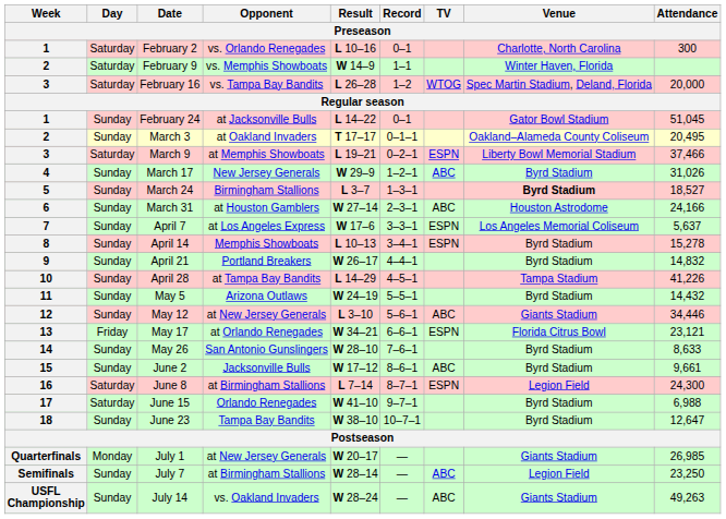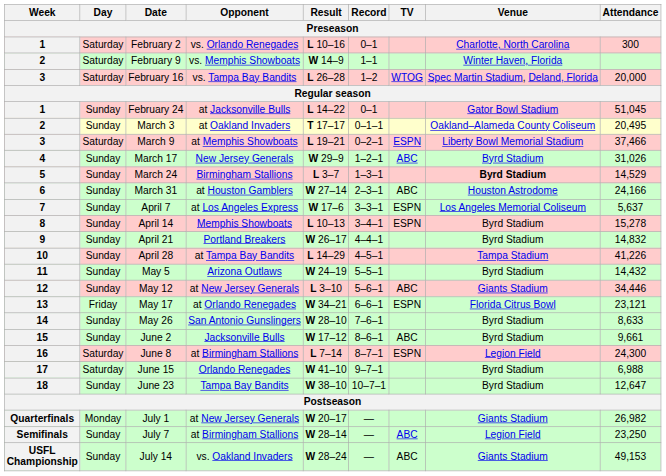 <table class="wikitable" style="text-align:center">
 <tr>
 <th>Week</th>
 <th>Day</th>
 <th>Date</th>
 <th>Opponent</th>
 <th>Result</th>
 <th>Record</th>
 <th>TV</th>
 <th>Venue</th>
 <th>Attendance</th>
 </tr>
 <tr style="text-align:center;">
 <th colspan="9">Preseason</th>
 </tr>
 <tr style="background:#fcc">
 <th>1</th>
 <td>Saturday</td>
 <td>February 2</td>
 <td>vs. <a href='#'>Orlando Renegades</a></td>
 <td><strong>L</strong> 10–16</td>
 <td>0–1</td>
 <td></td>
 <td><a href='#'>Charlotte, North Carolina</a></td>
 <td>300</td>
 </tr>
 <tr style="background:#cfc">
 <th>2</th>
 <td>Saturday</td>
 <td>February 9</td>
 <td>vs. <a href='#'>Memphis Showboats</a></td>
 <td><strong>W</strong> 14–9</td>
 <td>1–1</td>
 <td></td>
 <td><a href='#'>Winter Haven, Florida</a></td>
 <td></td>
 </tr>
 <tr style="background:#fcc">
 <th>3</th>
 <td>Saturday</td>
 <td>February 16</td>
 <td>vs. <a href='#'>Tampa Bay Bandits</a></td>
 <td><strong>L</strong> 26–28</td>
 <td>1–2</td>
 <td><a href='#'>WTOG</a></td>
 <td><a href='#'>Spec Martin Stadium</a>, <a href='#'>Deland, Florida</a></td>
 <td>20,000</td>
 </tr>
 <tr style="text-align:center;">
 <th colspan="9">Regular season</th>
 </tr>
 <tr style="background:#fcc">
 <th>1</th>
 <td>Sunday</td>
 <td>February 24</td>
 <td>at <a href='#'>Jacksonville Bulls</a></td>
 <td><strong>L</strong> 14–22</td>
 <td>0–1</td>
 <td></td>
 <td><a href='#'>Gator Bowl Stadium</a></td>
 <td>51,045</td>
 </tr>
 <tr style="background:#ffc">
 <th>2</th>
 <td>Sunday</td>
 <td>March 3</td>
 <td>at <a href='#'>Oakland Invaders</a></td>
 <td><strong>T</strong> 17–17 </td>
 <td>0–1–1</td>
 <td></td>
 <td><a href='#'>Oakland–Alameda County Coliseum</a></td>
 <td>20,495</td>
 </tr>
 <tr style="background:#fcc">
 <th>3</th>
 <td>Saturday</td>
 <td>March 9</td>
 <td>at <a href='#'>Memphis Showboats</a></td>
 <td><strong>L</strong> 19–21</td>
 <td>0–2–1</td>
 <td><a href='#'>ESPN</a></td>
 <td><a href='#'>Liberty Bowl Memorial Stadium</a></td>
 <td>37,466</td>
 </tr>
 <tr style="background:#cfc">
 <th>4</th>
 <td>Sunday</td>
 <td>March 17</td>
 <td><a href='#'>New Jersey Generals</a></td>
 <td><strong>W</strong> 29–9</td>
 <td>1–2–1</td>
 <td><a href='#'>ABC</a></td>
 <td><a href='#'>Byrd Stadium</a></td>
 <td>31,026</td>
 </tr>
 <tr style="background:#fcc">
 <th>5</th>
 <td>Sunday</td>
 <td>March 24</td>
 <td><a href='#'>Birmingham Stallions</a></td>
 <td><strong>L</strong> 3–7</td>
 <td>1–3–1</td>
 <td></td>
 <td><strong>Byrd Stadium</strong></td>
-<td>18,527</td>
+<td>14,529</td>
 </tr>
 <tr style="background:#cfc">
 <th>6</th>
 <td>Sunday</td>
 <td>March 31</td>
 <td>at <a href='#'>Houston Gamblers</a></td>
 <td><strong>W</strong> 27–14</td>
 <td>2–3–1</td>
 <td>ABC</td>
 <td><a href='#'>Houston Astrodome</a></td>
 <td>24,166</td>
 </tr>
 <tr style="background:#cfc">
 <th>7</th>
 <td>Sunday</td>
 <td>April 7</td>
 <td>at <a href='#'>Los Angeles Express</a></td>
 <td><strong>W</strong> 17–6</td>
 <td>3–3–1</td>
 <td>ESPN</td>
 <td><a href='#'>Los Angeles Memorial Coliseum</a></td>
 <td>5,637</td>
 </tr>
 <tr style="background:#fcc">
 <th>8</th>
 <td>Sunday</td>
 <td>April 14</td>
 <td><a href='#'>Memphis Showboats</a></td>
 <td><strong>L</strong> 10–13</td>
 <td>3–4–1</td>
 <td>ESPN</td>
 <td>Byrd Stadium</td>
 <td>15,278</td>
 </tr>
 <tr style="background:#cfc">
 <th>9</th>
 <td>Sunday</td>
 <td>April 21</td>
 <td><a href='#'>Portland Breakers</a></td>
 <td><strong>W</strong> 26–17</td>
 <td>4–4–1</td>
 <td></td>
 <td>Byrd Stadium</td>
 <td>14,832</td>
 </tr>
 <tr style="background:#fcc">
 <th>10</th>
 <td>Sunday</td>
 <td>April 28</td>
 <td>at <a href='#'>Tampa Bay Bandits</a></td>
 <td><strong>L</strong> 14–29</td>
 <td>4–5–1</td>
 <td></td>
 <td><a href='#'>Tampa Stadium</a></td>
 <td>41,226</td>
 </tr>
 <tr style="background:#cfc">
 <th>11</th>
 <td>Sunday</td>
 <td>May 5</td>
 <td><a href='#'>Arizona Outlaws</a></td>
 <td><strong>W</strong> 24–19</td>
 <td>5–5–1</td>
 <td></td>
 <td>Byrd Stadium</td>
 <td>14,432</td>
 </tr>
 <tr style="background:#fcc">
 <th>12</th>
 <td>Sunday</td>
 <td>May 12</td>
 <td>at <a href='#'>New Jersey Generals</a></td>
 <td><strong>L</strong> 3–10</td>
 <td>5–6–1</td>
 <td>ABC</td>
 <td><a href='#'>Giants Stadium</a></td>
 <td>34,446</td>
 </tr>
 <tr style="background:#cfc">
 <th>13</th>
 <td>Friday</td>
 <td>May 17</td>
 <td>at <a href='#'>Orlando Renegades</a></td>
 <td><strong>W</strong> 34–21</td>
 <td>6–6–1</td>
 <td>ESPN</td>
 <td><a href='#'>Florida Citrus Bowl</a></td>
 <td>23,121</td>
 </tr>
 <tr style="background:#cfc">
 <th>14</th>
 <td>Sunday</td>
 <td>May 26</td>
 <td><a href='#'>San Antonio Gunslingers</a></td>
 <td><strong>W</strong> 28–10</td>
 <td>7–6–1</td>
 <td></td>
 <td>Byrd Stadium</td>
 <td>8,633</td>
 </tr>
 <tr style="background:#cfc">
 <th>15</th>
 <td>Sunday</td>
 <td>June 2</td>
 <td><a href='#'>Jacksonville Bulls</a></td>
 <td><strong>W</strong> 17–12</td>
 <td>8–6–1</td>
 <td>ABC</td>
 <td>Byrd Stadium</td>
 <td>9,661</td>
 </tr>
 <tr style="background:#fcc">
 <th>16</th>
 <td>Saturday</td>
 <td>June 8</td>
 <td>at <a href='#'>Birmingham Stallions</a></td>
 <td><strong>L</strong> 7–14</td>
 <td>8–7–1</td>
 <td>ESPN</td>
 <td><a href='#'>Legion Field</a></td>
 <td>24,300</td>
 </tr>
 <tr style="background:#cfc">
 <th>17</th>
 <td>Saturday</td>
 <td>June 15</td>
 <td><a href='#'>Orlando Renegades</a></td>
 <td><strong>W</strong> 41–10</td>
 <td>9–7–1</td>
 <td></td>
 <td>Byrd Stadium</td>
 <td>6,988</td>
 </tr>
 <tr style="background:#cfc">
 <th>18</th>
 <td>Sunday</td>
 <td>June 23</td>
 <td><a href='#'>Tampa Bay Bandits</a></td>
 <td><strong>W</strong> 38–10</td>
 <td>10–7–1</td>
 <td></td>
 <td>Byrd Stadium</td>
 <td>12,647</td>
 </tr>
 <tr style="text-align:center;">
 <th colspan="9">Postseason</th>
 </tr>
 <tr style="background:#cfc">
 <th>Quarterfinals</th>
 <td>Monday</td>
 <td>July 1</td>
 <td>at <a href='#'>New Jersey Generals</a></td>
 <td><strong>W</strong> 20–17</td>
 <td>—</td>
 <td></td>
 <td><a href='#'>Giants Stadium</a></td>
-<td>26,985</td>
+<td>26,982</td>
 </tr>
 <tr style="background:#cfc">
 <th>Semifinals</th>
 <td>Sunday</td>
 <td>July 7</td>
 <td>at <a href='#'>Birmingham Stallions</a></td>
 <td><strong>W</strong> 28–14</td>
 <td>—</td>
 <td><a href='#'>ABC</a></td>
 <td><a href='#'>Legion Field</a></td>
 <td>23,250</td>
 </tr>
 <tr style="background:#cfc">
 <th>USFL<br>Championship</th>
 <td>Sunday</td>
 <td>July 14</td>
 <td>vs. <a href='#'>Oakland Invaders</a></td>
 <td><strong>W</strong> 28–24</td>
 <td>—</td>
 <td>ABC</td>
 <td><a href='#'>Giants Stadium</a></td>
-<td>49,263</td>
+<td>49,153</td>
 </tr>
 </table>
